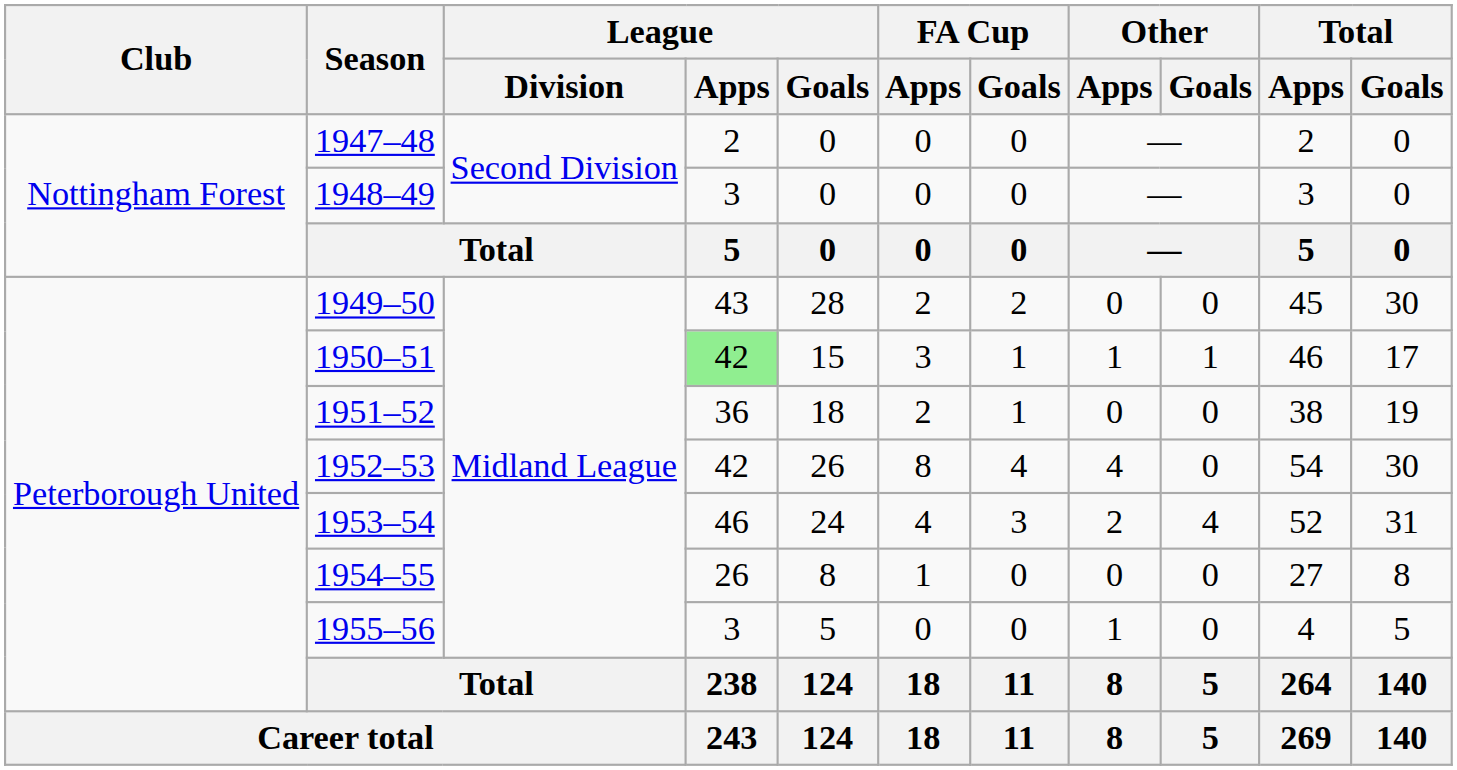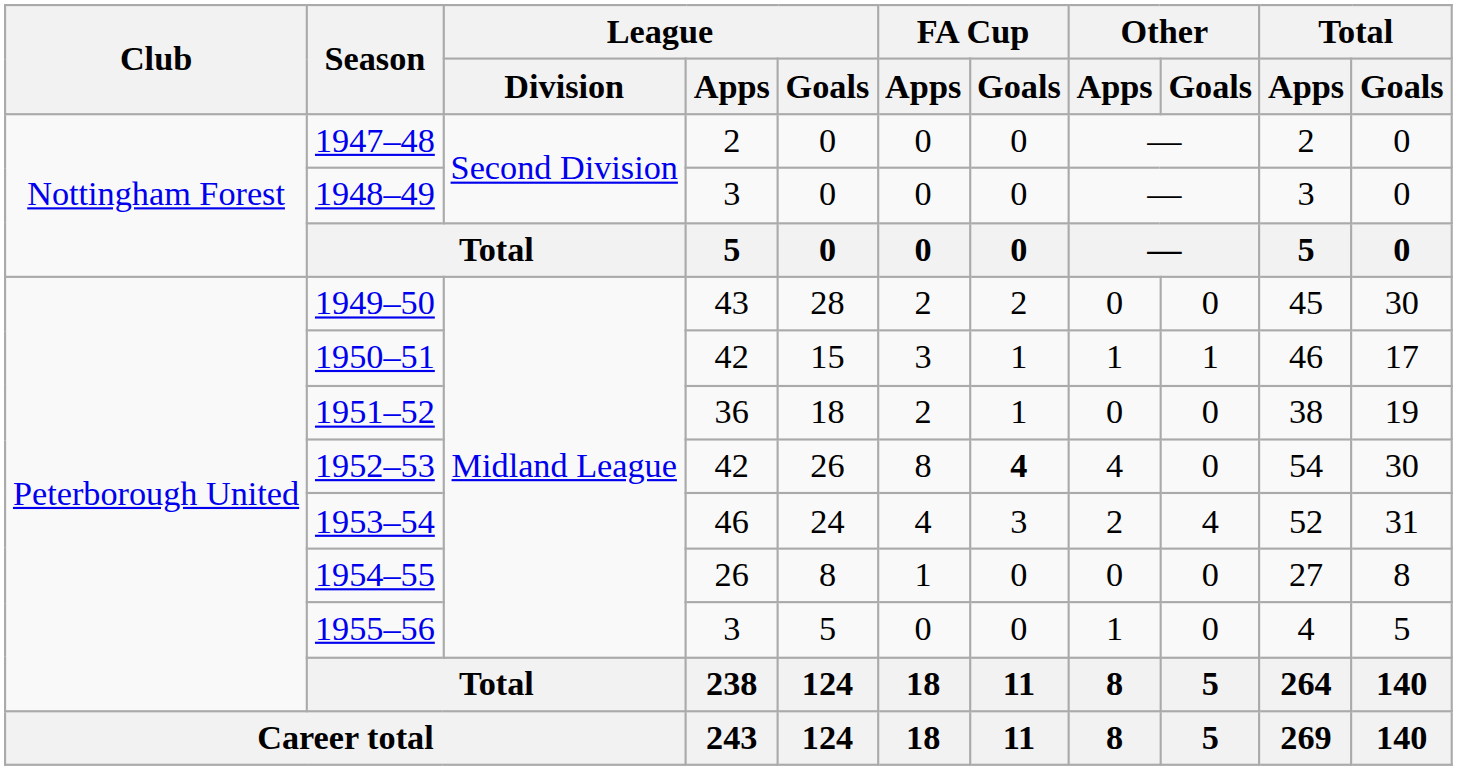 <table class="wikitable" style="text-align:center">
 <tr>
 <th rowspan="2">Club</th>
 <th rowspan="2">Season</th>
 <th colspan="3">League</th>
 <th colspan="2">FA Cup</th>
 <th colspan="2">Other</th>
 <th colspan="2">Total</th>
 </tr>
 <tr>
 <th>Division</th>
 <th>Apps</th>
 <th>Goals</th>
 <th>Apps</th>
 <th>Goals</th>
 <th>Apps</th>
 <th>Goals</th>
 <th>Apps</th>
 <th>Goals</th>
 </tr>
 <tr>
 <td rowspan="3"><a href='#'>Nottingham Forest</a></td>
 <td><a href='#'>1947–48</a></td>
 <td rowspan="2"><a href='#'>Second Division</a></td>
 <td>2</td>
 <td>0</td>
 <td>0</td>
 <td>0</td>
 <td colspan="2">―</td>
 <td>2</td>
 <td>0</td>
 </tr>
 <tr>
 <td><a href='#'>1948–49</a></td>
 <td>3</td>
 <td>0</td>
 <td>0</td>
 <td>0</td>
 <td colspan="2">―</td>
 <td>3</td>
 <td>0</td>
 </tr>
 <tr>
 <th colspan="2">Total</th>
 <th>5</th>
 <th>0</th>
 <th>0</th>
 <th>0</th>
 <th colspan="2">―</th>
 <th>5</th>
 <th>0</th>
 </tr>
 <tr>
 <td rowspan="8"><a href='#'>Peterborough United</a></td>
 <td><a href='#'>1949–50</a></td>
 <td rowspan="7"><a href='#'>Midland League</a></td>
 <td>43</td>
 <td>28</td>
 <td>2</td>
 <td>2</td>
 <td>0</td>
 <td>0</td>
 <td>45</td>
 <td>30</td>
 </tr>
 <tr>
 <td><a href='#'>1950–51</a></td>
-<td style="background: lightgreen;">42</td>
+<td>42</td>
 <td>15</td>
 <td>3</td>
 <td>1</td>
 <td>1</td>
 <td>1</td>
 <td>46</td>
 <td>17</td>
 </tr>
 <tr>
 <td><a href='#'>1951–52</a></td>
 <td>36</td>
 <td>18</td>
 <td>2</td>
 <td>1</td>
 <td>0</td>
 <td>0</td>
 <td>38</td>
 <td>19</td>
 </tr>
 <tr>
 <td><a href='#'>1952–53</a></td>
 <td>42</td>
 <td>26</td>
 <td>8</td>
-<td>4</td>
+<td><strong>4</strong></td>
 <td>4</td>
 <td>0</td>
 <td>54</td>
 <td>30</td>
 </tr>
 <tr>
 <td><a href='#'>1953–54</a></td>
 <td>46</td>
 <td>24</td>
 <td>4</td>
 <td>3</td>
 <td>2</td>
 <td>4</td>
 <td>52</td>
 <td>31</td>
 </tr>
 <tr>
 <td><a href='#'>1954–55</a></td>
 <td>26</td>
 <td>8</td>
 <td>1</td>
 <td>0</td>
 <td>0</td>
 <td>0</td>
 <td>27</td>
 <td>8</td>
 </tr>
 <tr>
 <td><a href='#'>1955–56</a></td>
 <td>3</td>
 <td>5</td>
 <td>0</td>
 <td>0</td>
 <td>1</td>
 <td>0</td>
 <td>4</td>
 <td>5</td>
 </tr>
 <tr>
 <th colspan="2">Total</th>
 <th>238</th>
 <th>124</th>
 <th>18</th>
 <th>11</th>
 <th>8</th>
 <th>5</th>
 <th>264</th>
 <th>140</th>
 </tr>
 <tr>
 <th colspan="3">Career total</th>
 <th>243</th>
 <th>124</th>
 <th>18</th>
 <th>11</th>
 <th>8</th>
 <th>5</th>
 <th>269</th>
 <th>140</th>
 </tr>
 </table>
